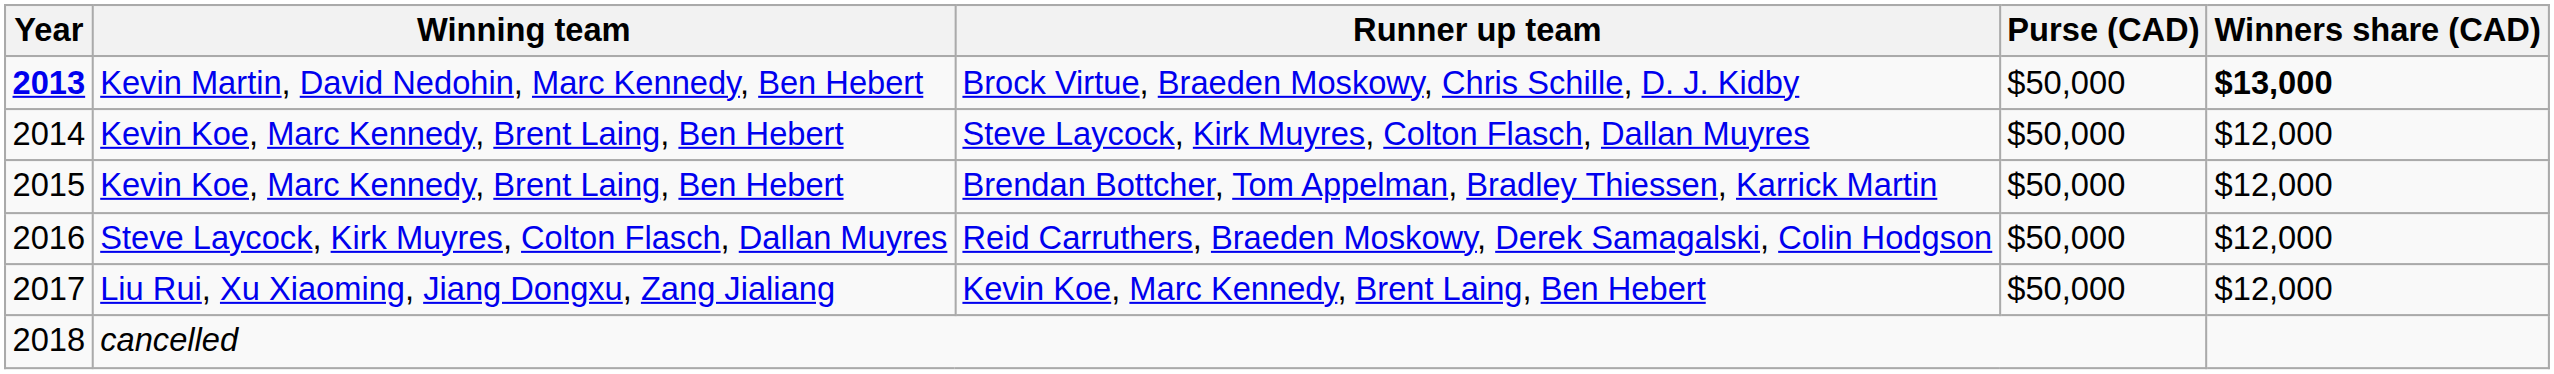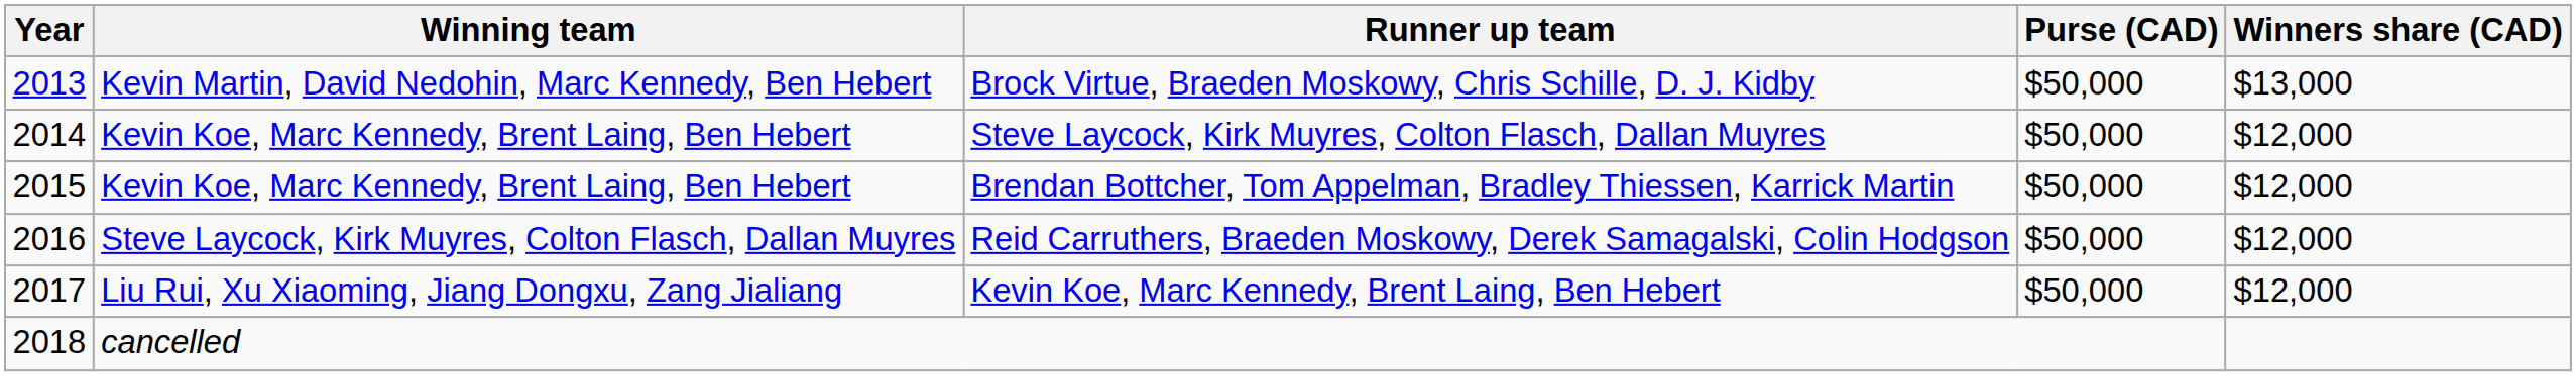 <table class="wikitable">
 <tr>
 <th>Year</th>
 <th>Winning team</th>
 <th>Runner up team</th>
 <th>Purse (CAD)</th>
 <th>Winners share (CAD)</th>
 </tr>
 <tr>
-<td><strong><a href='#'>2013</a></strong></td>
+<td><a href='#'>2013</a></td>
 <td> <a href='#'>Kevin Martin</a>, <a href='#'>David Nedohin</a>, <a href='#'>Marc Kennedy</a>, <a href='#'>Ben Hebert</a></td>
 <td> <a href='#'>Brock Virtue</a>, <a href='#'>Braeden Moskowy</a>, <a href='#'>Chris Schille</a>, <a href='#'>D. J. Kidby</a></td>
 <td>$50,000</td>
-<td><strong>$13,000</strong></td>
+<td>$13,000</td>
 </tr>
 <tr>
 <td>2014</td>
 <td> <a href='#'>Kevin Koe</a>, <a href='#'>Marc Kennedy</a>, <a href='#'>Brent Laing</a>, <a href='#'>Ben Hebert</a></td>
 <td> <a href='#'>Steve Laycock</a>, <a href='#'>Kirk Muyres</a>, <a href='#'>Colton Flasch</a>, <a href='#'>Dallan Muyres</a></td>
 <td>$50,000</td>
 <td>$12,000</td>
 </tr>
 <tr>
 <td>2015</td>
 <td> <a href='#'>Kevin Koe</a>, <a href='#'>Marc Kennedy</a>, <a href='#'>Brent Laing</a>, <a href='#'>Ben Hebert</a></td>
 <td> <a href='#'>Brendan Bottcher</a>, <a href='#'>Tom Appelman</a>, <a href='#'>Bradley Thiessen</a>, <a href='#'>Karrick Martin</a></td>
 <td>$50,000</td>
 <td>$12,000</td>
 </tr>
 <tr>
 <td>2016</td>
 <td> <a href='#'>Steve Laycock</a>, <a href='#'>Kirk Muyres</a>, <a href='#'>Colton Flasch</a>, <a href='#'>Dallan Muyres</a></td>
 <td> <a href='#'>Reid Carruthers</a>, <a href='#'>Braeden Moskowy</a>, <a href='#'>Derek Samagalski</a>, <a href='#'>Colin Hodgson</a></td>
 <td>$50,000</td>
 <td>$12,000</td>
 </tr>
 <tr>
 <td>2017</td>
 <td> <a href='#'>Liu Rui</a>, <a href='#'>Xu Xiaoming</a>, <a href='#'>Jiang Dongxu</a>, <a href='#'>Zang Jialiang</a></td>
 <td> <a href='#'>Kevin Koe</a>, <a href='#'>Marc Kennedy</a>, <a href='#'>Brent Laing</a>, <a href='#'>Ben Hebert</a></td>
 <td>$50,000</td>
 <td>$12,000</td>
 </tr>
 <tr>
 <td>2018</td>
 <td colspan="3"><em>cancelled</em></td>
 </tr>
 </table>
